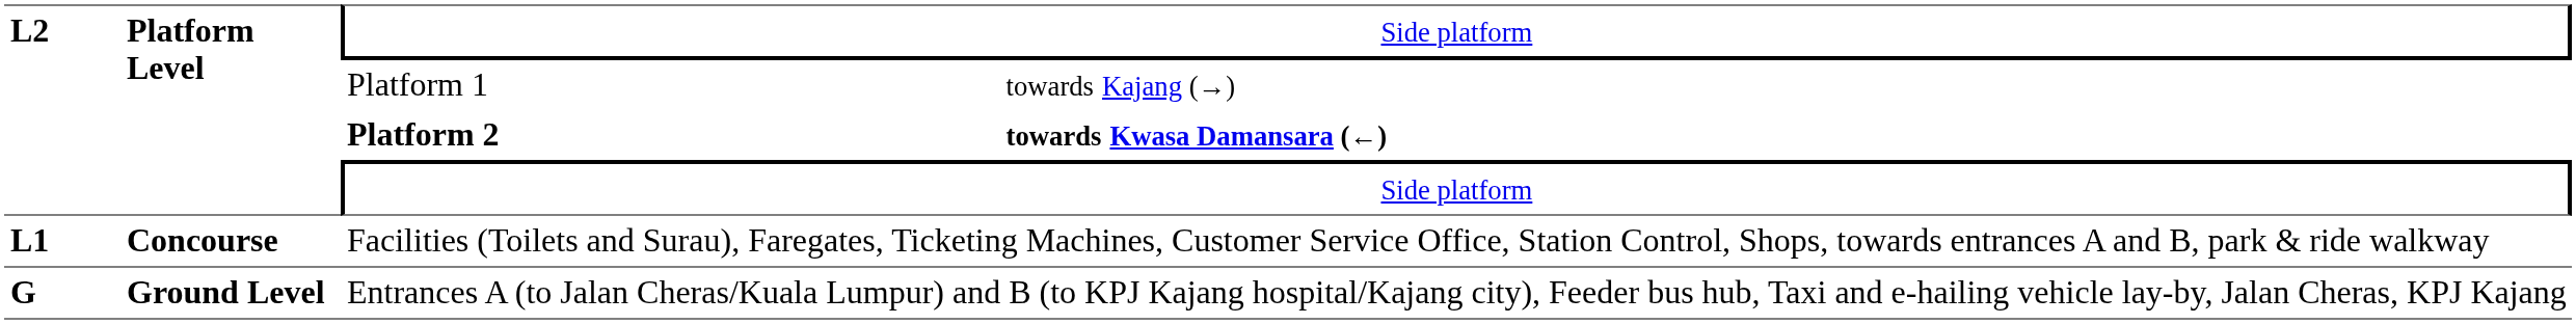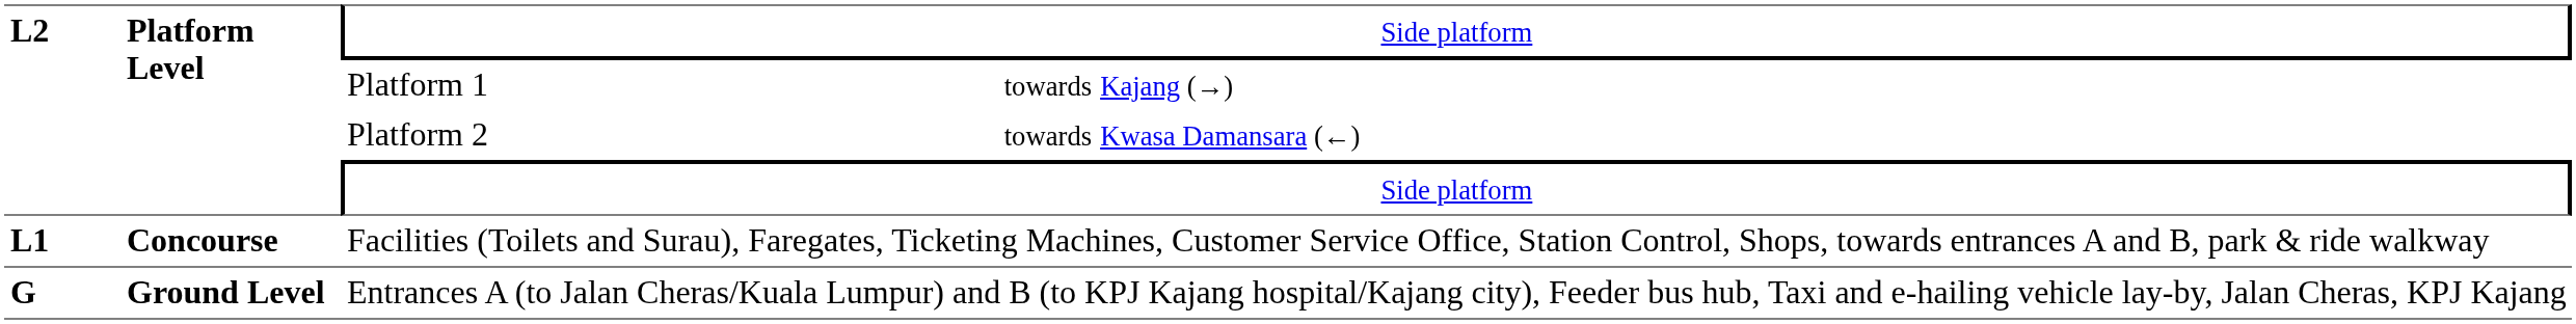 <table border="0" cellspacing="0" cellpadding="3">
 <tr>
 <td rowspan="4" width="50" valign="top" style="border-top:solid 1px gray;border-bottom:solid 1px gray;"><strong>L2</strong></td>
 <td rowspan="4" width="100" valign="top" style="border-top:solid 1px gray;border-bottom:solid 1px gray;"><strong>Platform Level</strong></td>
 <td colspan="2" style="width=500;border-top:solid 1px gray;border-right:solid 2px black;border-left:solid 2px black;border-bottom:solid 2px black;text-align:center;"><small><a href='#'>Side platform</a></small></td>
 </tr>
 <tr>
 <td>Platform 1</td>
 <td>  <small>towards</small>  <small><a href='#'>Kajang</a> (→)</small></td>
 </tr>
 <tr>
-<td><strong>Platform 2</strong></td>
-<td><strong>  <small>towards</small>  <small><a href='#'>Kwasa Damansara</a> (←)</small></strong></td>
+<td>Platform 2</td>
+<td>  <small>towards</small>  <small><a href='#'>Kwasa Damansara</a> (←)</small></td>
 </tr>
 <tr>
 <td colspan="2" style="width=500;border-top:solid 2px black;border-right:solid 2px black;border-left:solid 2px black;border-bottom:solid 1px gray;text-align:center;"><small><a href='#'>Side platform</a></small></td>
 </tr>
 <tr style="vertical-align:top;">
 <td style="border-bottom:solid 1px gray; "><strong>L1</strong></td>
 <td style="border-bottom:solid 1px gray; "><strong>Concourse</strong></td>
 <td colspan="2" width="500" style="border-bottom:solid 1px gray; ">Facilities (Toilets and Surau), Faregates, Ticketing Machines, Customer Service Office, Station Control, Shops, towards entrances A and B, park & ride walkway</td>
 </tr>
 <tr>
 <td style="border-bottom:solid 1px gray; "><strong>G</strong></td>
 <td style="border-bottom:solid 1px gray; "><strong>Ground Level</strong></td>
 <td colspan="2" style="border-bottom:solid 1px gray; ">Entrances A (to Jalan Cheras/Kuala Lumpur) and B (to KPJ Kajang hospital/Kajang city), Feeder bus hub, Taxi and e-hailing vehicle lay-by, Jalan Cheras, KPJ Kajang</td>
 </tr>
 </table>
